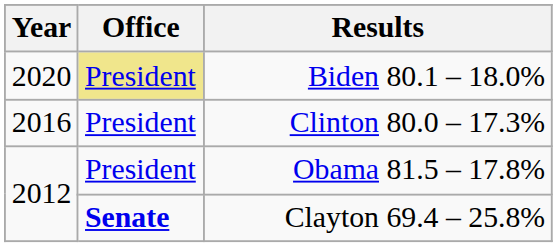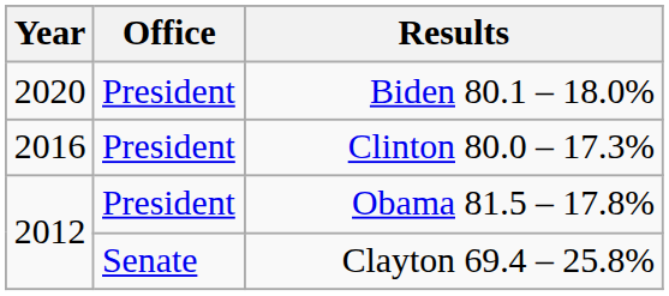 <table class=wikitable>
 <tr>
 <th width="30">Year</th>
 <th width="60">Office</th>
 <th width="180">Results</th>
 </tr>
 <tr>
 <td>2020</td>
-<td style="background: khaki;"><a href='#'>President</a></td>
+<td><a href='#'>President</a></td>
 <td align="right" ><a href='#'>Biden</a> 80.1 – 18.0%</td>
 </tr>
 <tr>
 <td>2016</td>
 <td><a href='#'>President</a></td>
 <td align="right" ><a href='#'>Clinton</a> 80.0 – 17.3%</td>
 </tr>
 <tr>
 <td rowspan="2">2012</td>
 <td><a href='#'>President</a></td>
 <td align="right" ><a href='#'>Obama</a> 81.5 – 17.8%</td>
 </tr>
 <tr>
-<td><strong><a href='#'>Senate</a></strong></td>
+<td><a href='#'>Senate</a></td>
 <td align="right" >Clayton 69.4 – 25.8%</td>
 </tr>
 </table>
